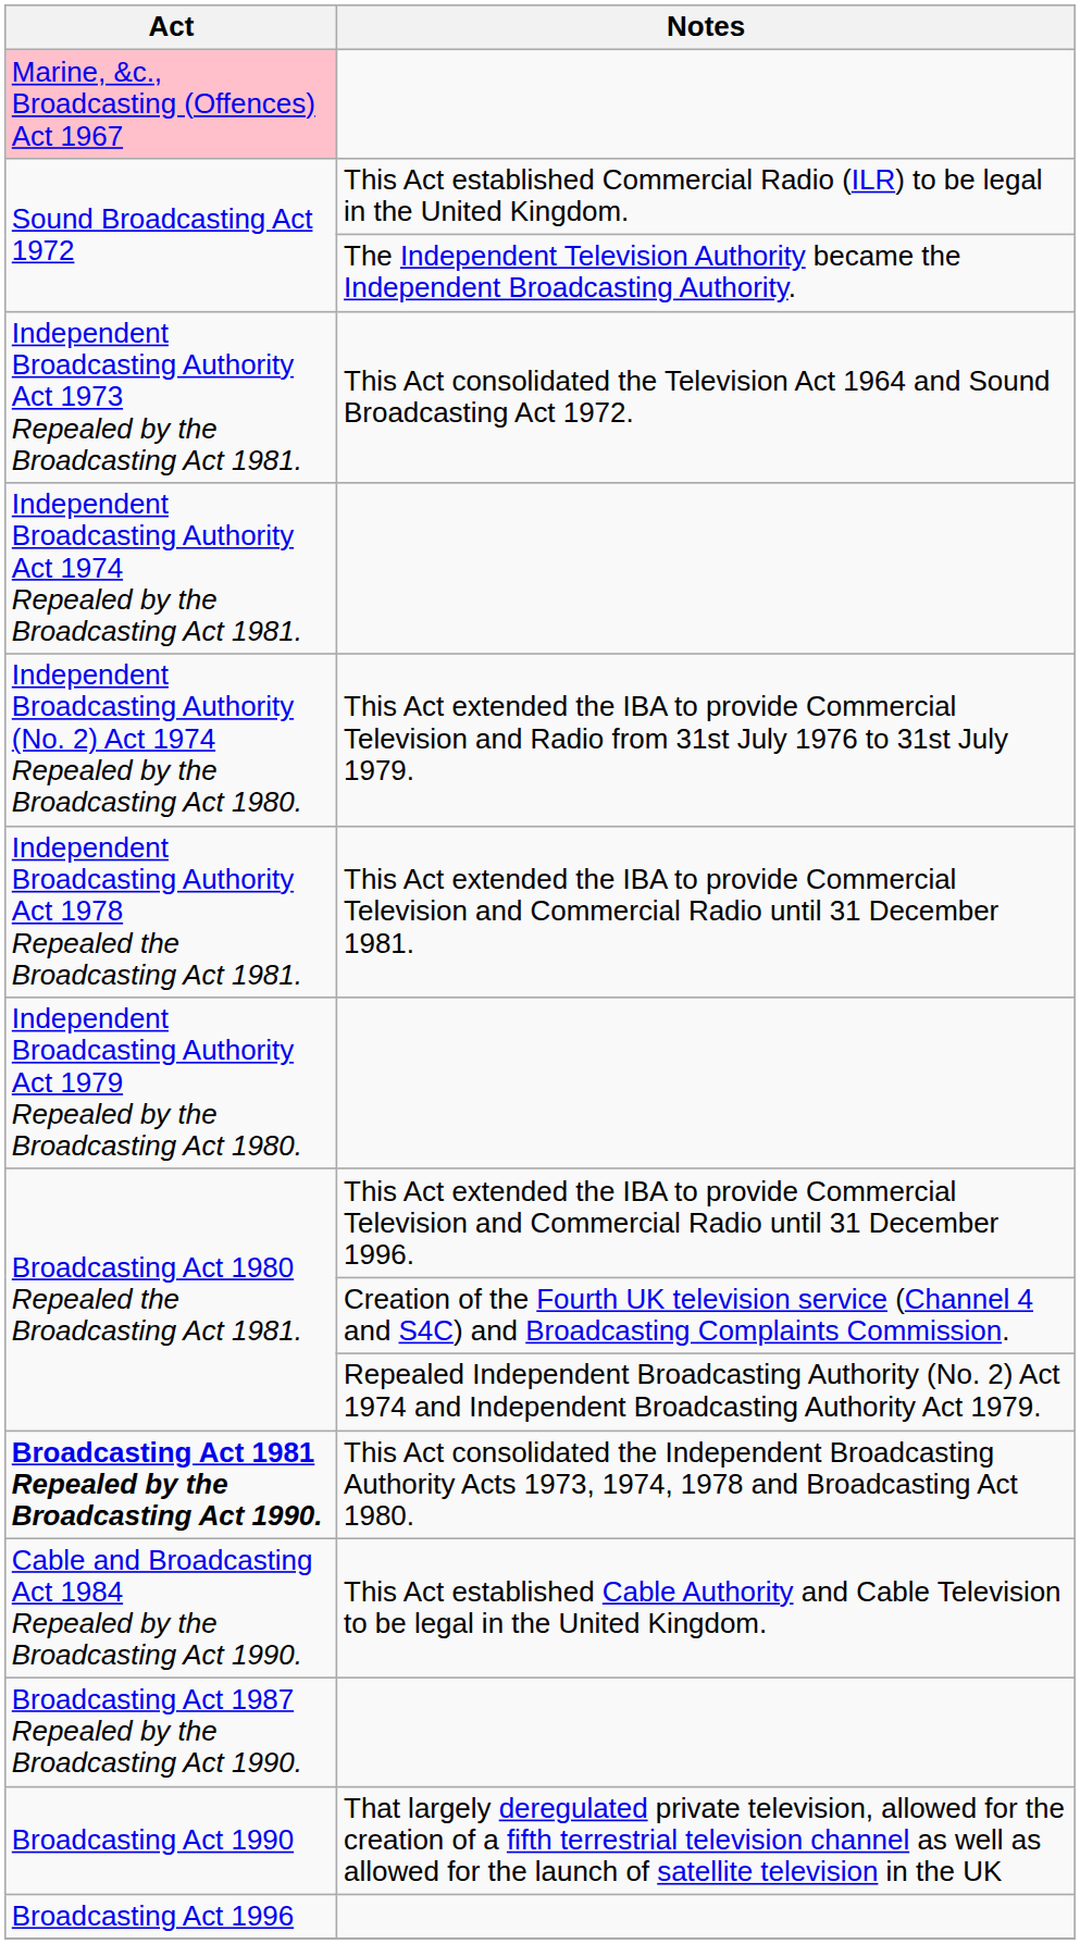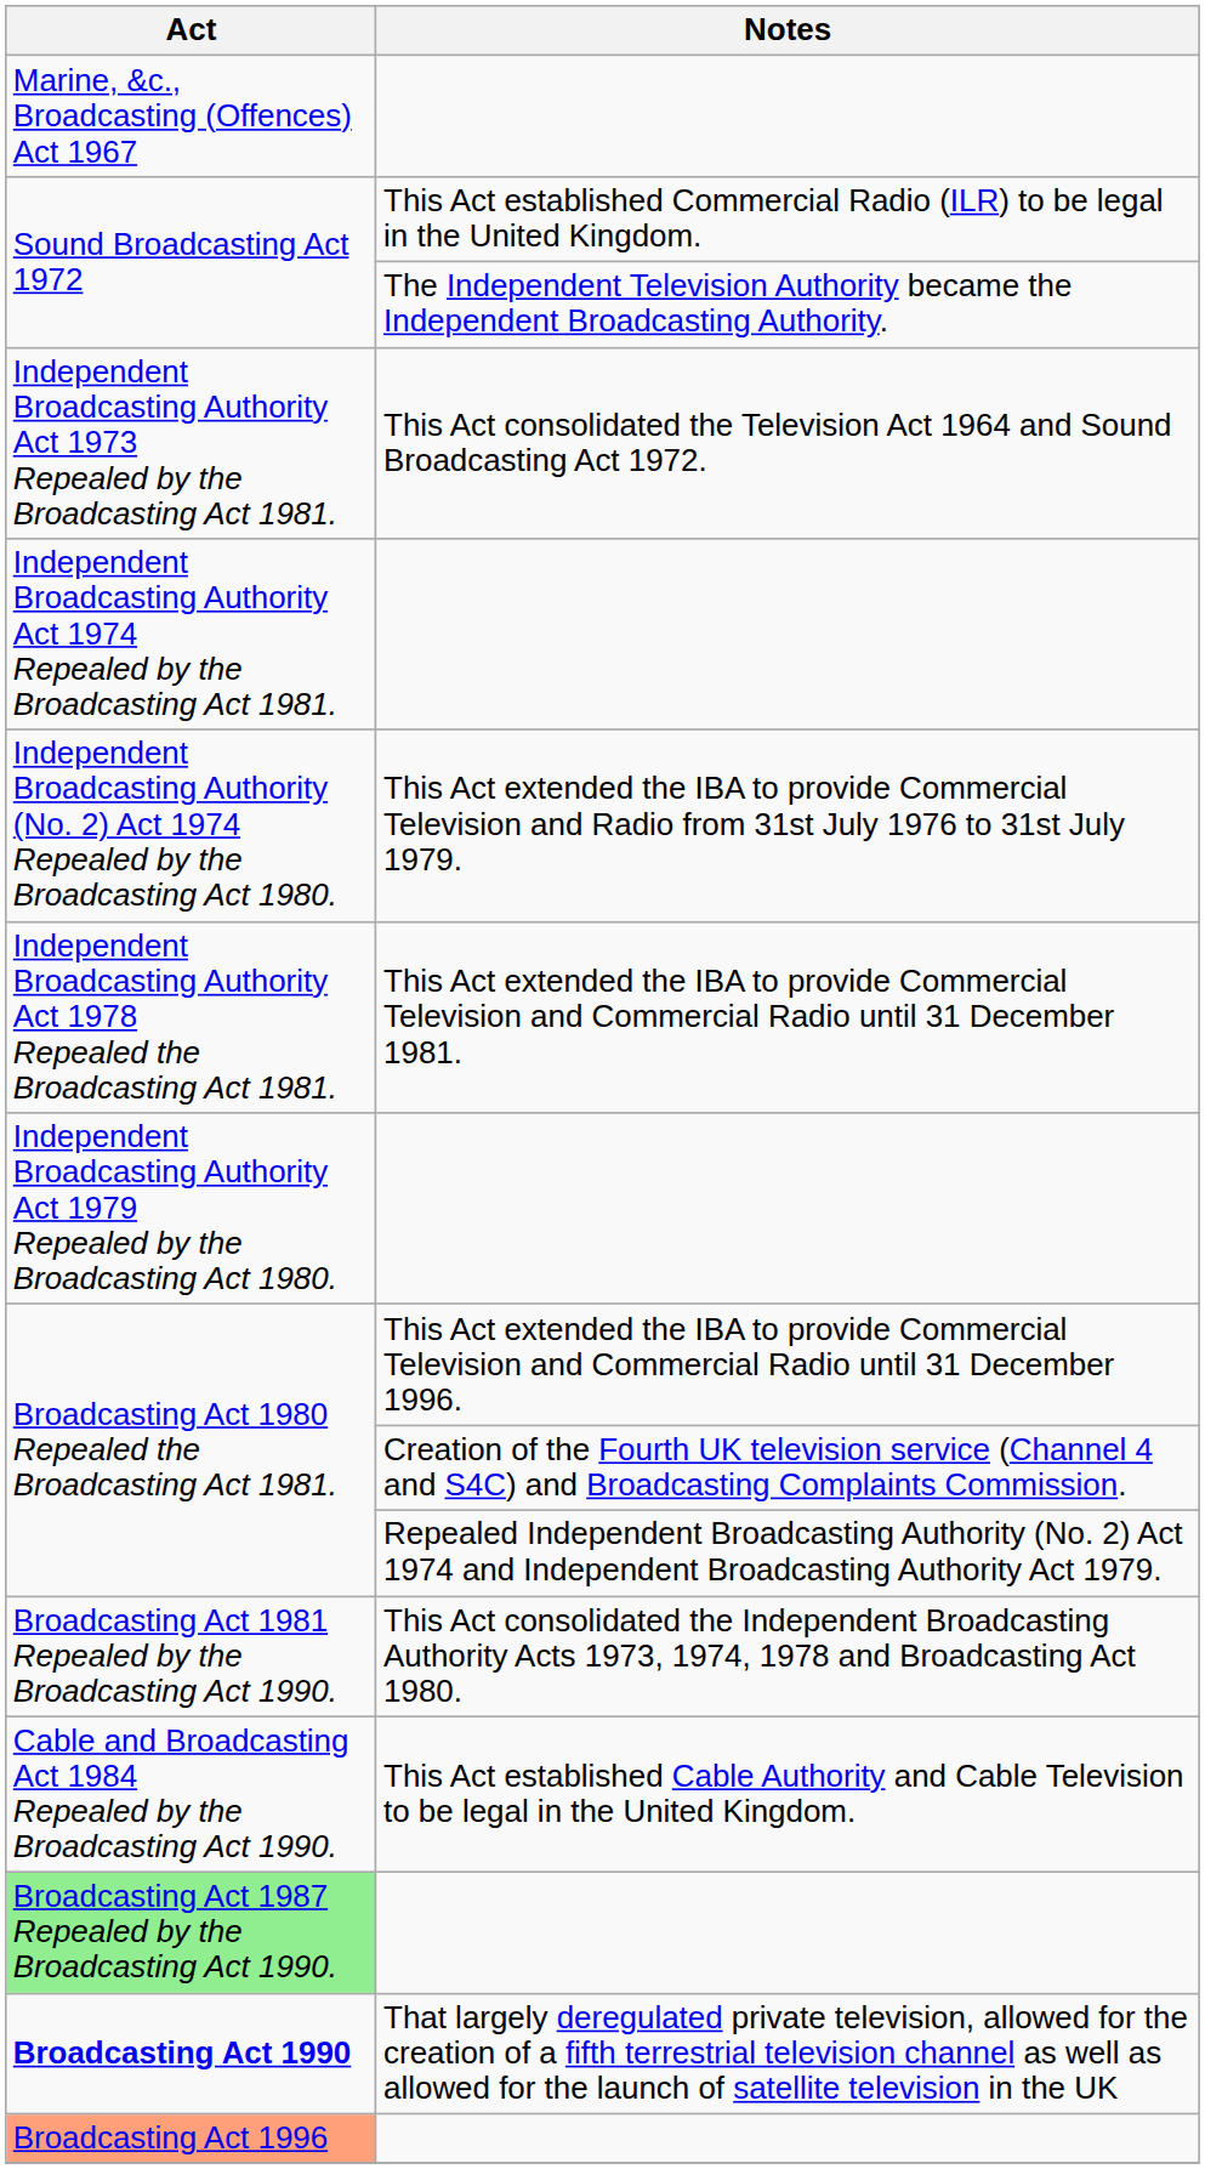 <table class="wikitable">
 <tr>
 <th>Act</th>
 <th>Notes</th>
 </tr>
 <tr>
-<td style="background: pink;"><a href='#'>Marine, &c., Broadcasting (Offences) Act 1967</a></td>
+<td><a href='#'>Marine, &c., Broadcasting (Offences) Act 1967</a></td>
 <td></td>
 </tr>
 <tr>
 <td rowspan=2><a href='#'>Sound Broadcasting Act 1972</a></td>
 <td>This Act established Commercial Radio (<a href='#'>ILR</a>) to be legal in the United Kingdom.</td>
 </tr>
 <tr>
 <td>The <a href='#'>Independent Television Authority</a> became the <a href='#'>Independent Broadcasting Authority</a>.</td>
 </tr>
 <tr>
 <td><a href='#'>Independent Broadcasting Authority Act 1973</a><br><em>Repealed by the Broadcasting Act 1981.</em></td>
 <td>This Act consolidated the Television Act 1964 and Sound Broadcasting Act 1972.</td>
 </tr>
 <tr>
 <td><a href='#'>Independent Broadcasting Authority Act 1974</a><br><em>Repealed by the Broadcasting Act 1981.</em></td>
 <td></td>
 </tr>
 <tr>
 <td><a href='#'>Independent Broadcasting Authority (No. 2) Act 1974</a><br><em>Repealed by the Broadcasting Act 1980.</em></td>
 <td>This Act extended the IBA to provide Commercial Television and Radio from 31st July 1976 to 31st July 1979.</td>
 </tr>
 <tr>
 <td><a href='#'>Independent Broadcasting Authority Act 1978</a><br><em>Repealed the Broadcasting Act 1981.</em></td>
 <td>This Act extended the IBA to provide Commercial Television and Commercial Radio until 31 December 1981.</td>
 </tr>
 <tr>
 <td><a href='#'>Independent Broadcasting Authority Act 1979</a><br><em>Repealed by the Broadcasting Act 1980.</em></td>
 <td></td>
 </tr>
 <tr>
 <td rowspan=3><a href='#'>Broadcasting Act 1980</a><br><em>Repealed the Broadcasting Act 1981.</em></td>
 <td>This Act extended the IBA to provide Commercial Television and Commercial Radio until 31 December 1996.</td>
 </tr>
 <tr>
 <td>Creation of the <a href='#'>Fourth UK television service</a> (<a href='#'>Channel 4</a> and <a href='#'>S4C</a>) and <a href='#'>Broadcasting Complaints Commission</a>.</td>
 </tr>
 <tr>
 <td>Repealed Independent Broadcasting Authority (No. 2) Act 1974 and Independent Broadcasting Authority Act 1979.</td>
 </tr>
 <tr>
-<td><strong><a href='#'>Broadcasting Act 1981</a><br><em>Repealed by the Broadcasting Act 1990.</em></strong></td>
+<td><a href='#'>Broadcasting Act 1981</a><br><em>Repealed by the Broadcasting Act 1990.</em></td>
 <td>This Act consolidated the Independent Broadcasting Authority Acts 1973, 1974, 1978 and Broadcasting Act 1980.</td>
 </tr>
 <tr>
 <td><a href='#'>Cable and Broadcasting Act 1984</a><br><em>Repealed by the Broadcasting Act 1990.</em></td>
 <td>This Act established <a href='#'>Cable Authority</a> and Cable Television to be legal in the United Kingdom.</td>
 </tr>
 <tr>
-<td><a href='#'>Broadcasting Act 1987</a><br><em>Repealed by the Broadcasting Act 1990.</em></td>
+<td style="background: lightgreen;"><a href='#'>Broadcasting Act 1987</a><br><em>Repealed by the Broadcasting Act 1990.</em></td>
 <td></td>
 </tr>
 <tr>
-<td><a href='#'>Broadcasting Act 1990</a></td>
+<td><strong><a href='#'>Broadcasting Act 1990</a></strong></td>
 <td>That largely <a href='#'>deregulated</a> private television, allowed for the creation of a <a href='#'>fifth terrestrial television channel</a> as well as allowed for the launch of <a href='#'>satellite television</a> in the UK</td>
 </tr>
 <tr>
-<td><a href='#'>Broadcasting Act 1996</a></td>
+<td style="background: lightsalmon;"><a href='#'>Broadcasting Act 1996</a></td>
 <td></td>
 </tr>
 <tr>
 </tr>
 </table>
